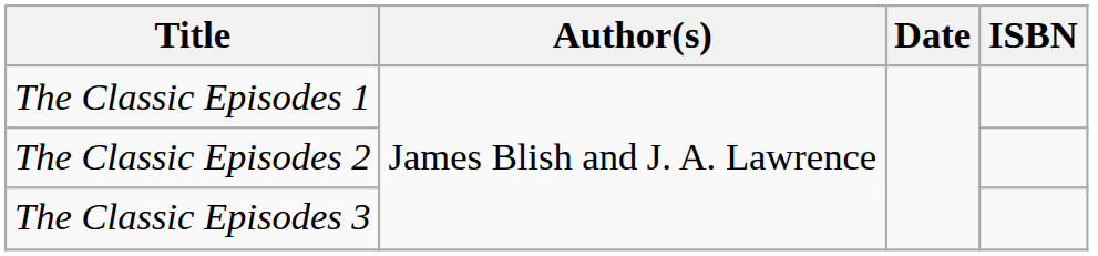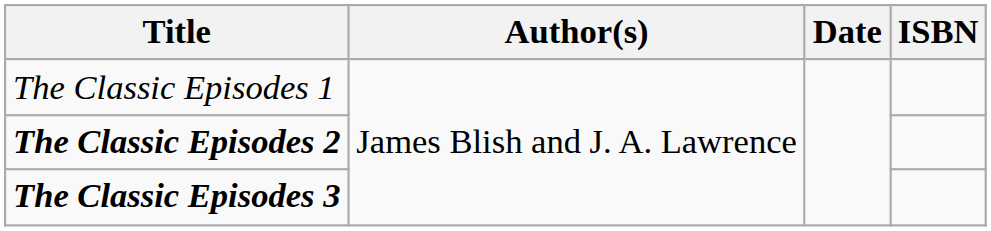 <table class="wikitable">
 <tr>
 <th>Title</th>
 <th>Author(s)</th>
 <th>Date</th>
 <th>ISBN</th>
 </tr>
 <tr>
 <td><em>The Classic Episodes 1</em></td>
 <td rowspan="3">James Blish and J. A. Lawrence</td>
 <td rowspan="3"></td>
 <td></td>
 </tr>
 <tr>
-<td><em>The Classic Episodes 2</em></td>
+<td><strong><em>The Classic Episodes 2</em></strong></td>
 <td></td>
 </tr>
 <tr>
-<td><em>The Classic Episodes 3</em></td>
+<td><strong><em>The Classic Episodes 3</em></strong></td>
 <td></td>
 </tr>
 </table>
